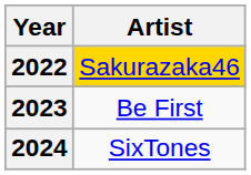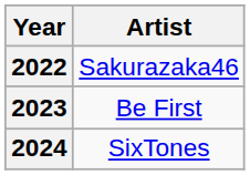 <table class="wikitable mw-collapsible mw-collapsed" style="font-size:small; text-align:center">
 <tr>
 <th>Year</th>
 <th>Artist</th>
 </tr>
 <tr>
 <th>2022</th>
-<td style="background: gold;"><a href='#'>Sakurazaka46</a></td>
+<td><a href='#'>Sakurazaka46</a></td>
 </tr>
 <tr>
 <th>2023</th>
 <td><a href='#'>Be First</a></td>
 </tr>
 <tr>
 <th>2024</th>
 <td><a href='#'>SixTones</a></td>
 </tr>
 </table>
